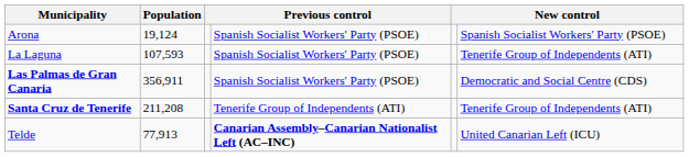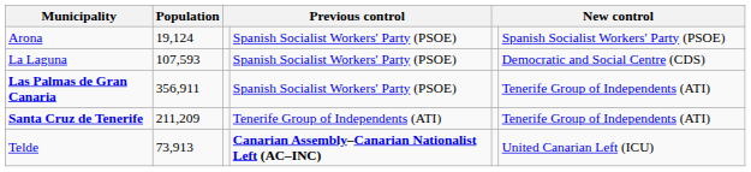 <table class="wikitable sortable">
 <tr>
 <th>Municipality</th>
 <th>Population</th>
 <th colspan="2" style="width:375px;">Previous control</th>
 <th colspan="2" style="width:375px;">New control</th>
 </tr>
 <tr>
 <td><a href='#'>Arona</a></td>
 <td>19,124</td>
 <td width="1" style="color:inherit;background:"></td>
 <td><a href='#'>Spanish Socialist Workers' Party</a> (PSOE)</td>
 <td width="1" style="color:inherit;background:"></td>
 <td><a href='#'>Spanish Socialist Workers' Party</a> (PSOE)</td>
 </tr>
 <tr>
 <td><a href='#'>La Laguna</a></td>
 <td>107,593</td>
 <td width="1" style="color:inherit;background:"></td>
 <td><a href='#'>Spanish Socialist Workers' Party</a> (PSOE)</td>
 <td width="1" style="color:inherit;background:"></td>
-<td><a href='#'>Tenerife Group of Independents</a> (ATI)</td>
+<td><a href='#'>Democratic and Social Centre</a> (CDS) </td>
 </tr>
 <tr>
 <td><strong><a href='#'>Las Palmas de Gran Canaria</a></strong></td>
 <td>356,911</td>
 <td style="color:inherit;background:"></td>
 <td><a href='#'>Spanish Socialist Workers' Party</a> (PSOE)</td>
 <td style="color:inherit;background:"></td>
-<td><a href='#'>Democratic and Social Centre</a> (CDS) </td>
+<td><a href='#'>Tenerife Group of Independents</a> (ATI)</td>
 </tr>
 <tr>
 <td><strong><a href='#'>Santa Cruz de Tenerife</a></strong></td>
-<td>211,208</td>
+<td>211,209</td>
 <td style="color:inherit;background:"></td>
 <td><a href='#'>Tenerife Group of Independents</a> (ATI)</td>
 <td style="color:inherit;background:"></td>
 <td><a href='#'>Tenerife Group of Independents</a> (ATI)</td>
 </tr>
 <tr>
 <td><a href='#'>Telde</a></td>
-<td>77,913</td>
+<td>73,913</td>
 <td style="color:inherit;background:"></td>
 <td><strong><a href='#'>Canarian Assembly</a>–<a href='#'>Canarian Nationalist Left</a> (AC–INC)</strong></td>
 <td style="color:inherit;background:"></td>
 <td><a href='#'>United Canarian Left</a> (ICU)</td>
 </tr>
 </table>
